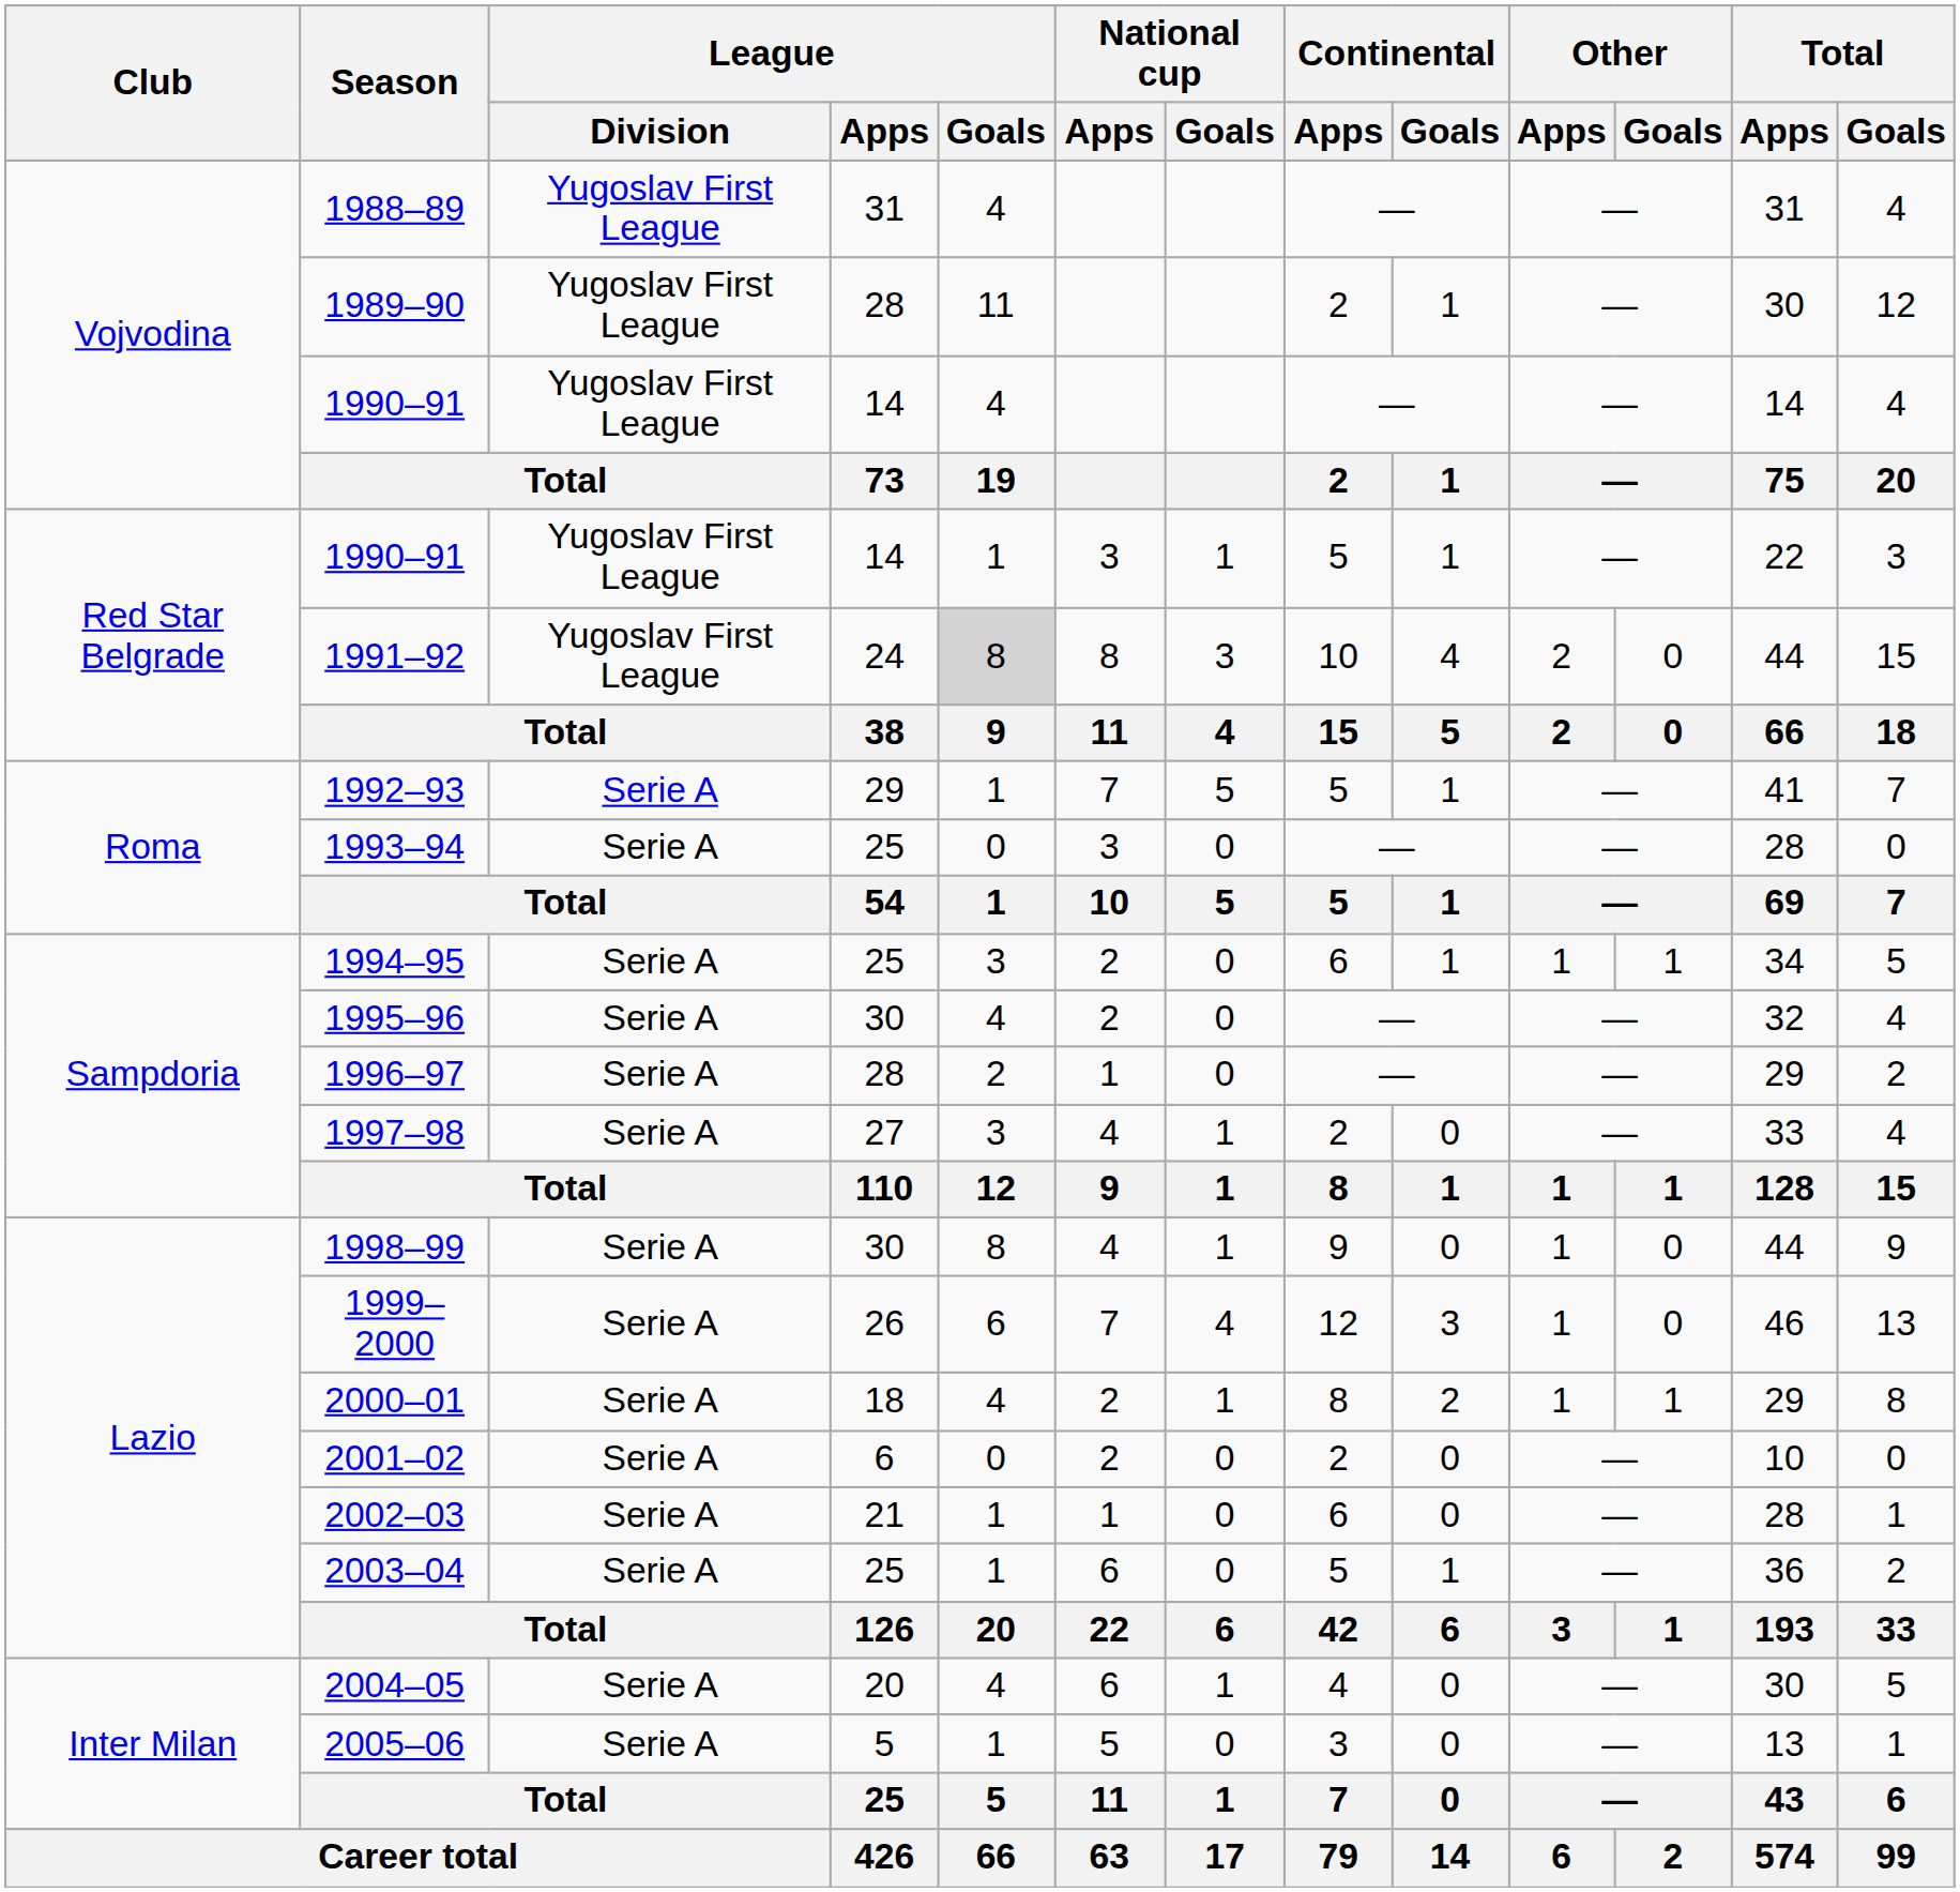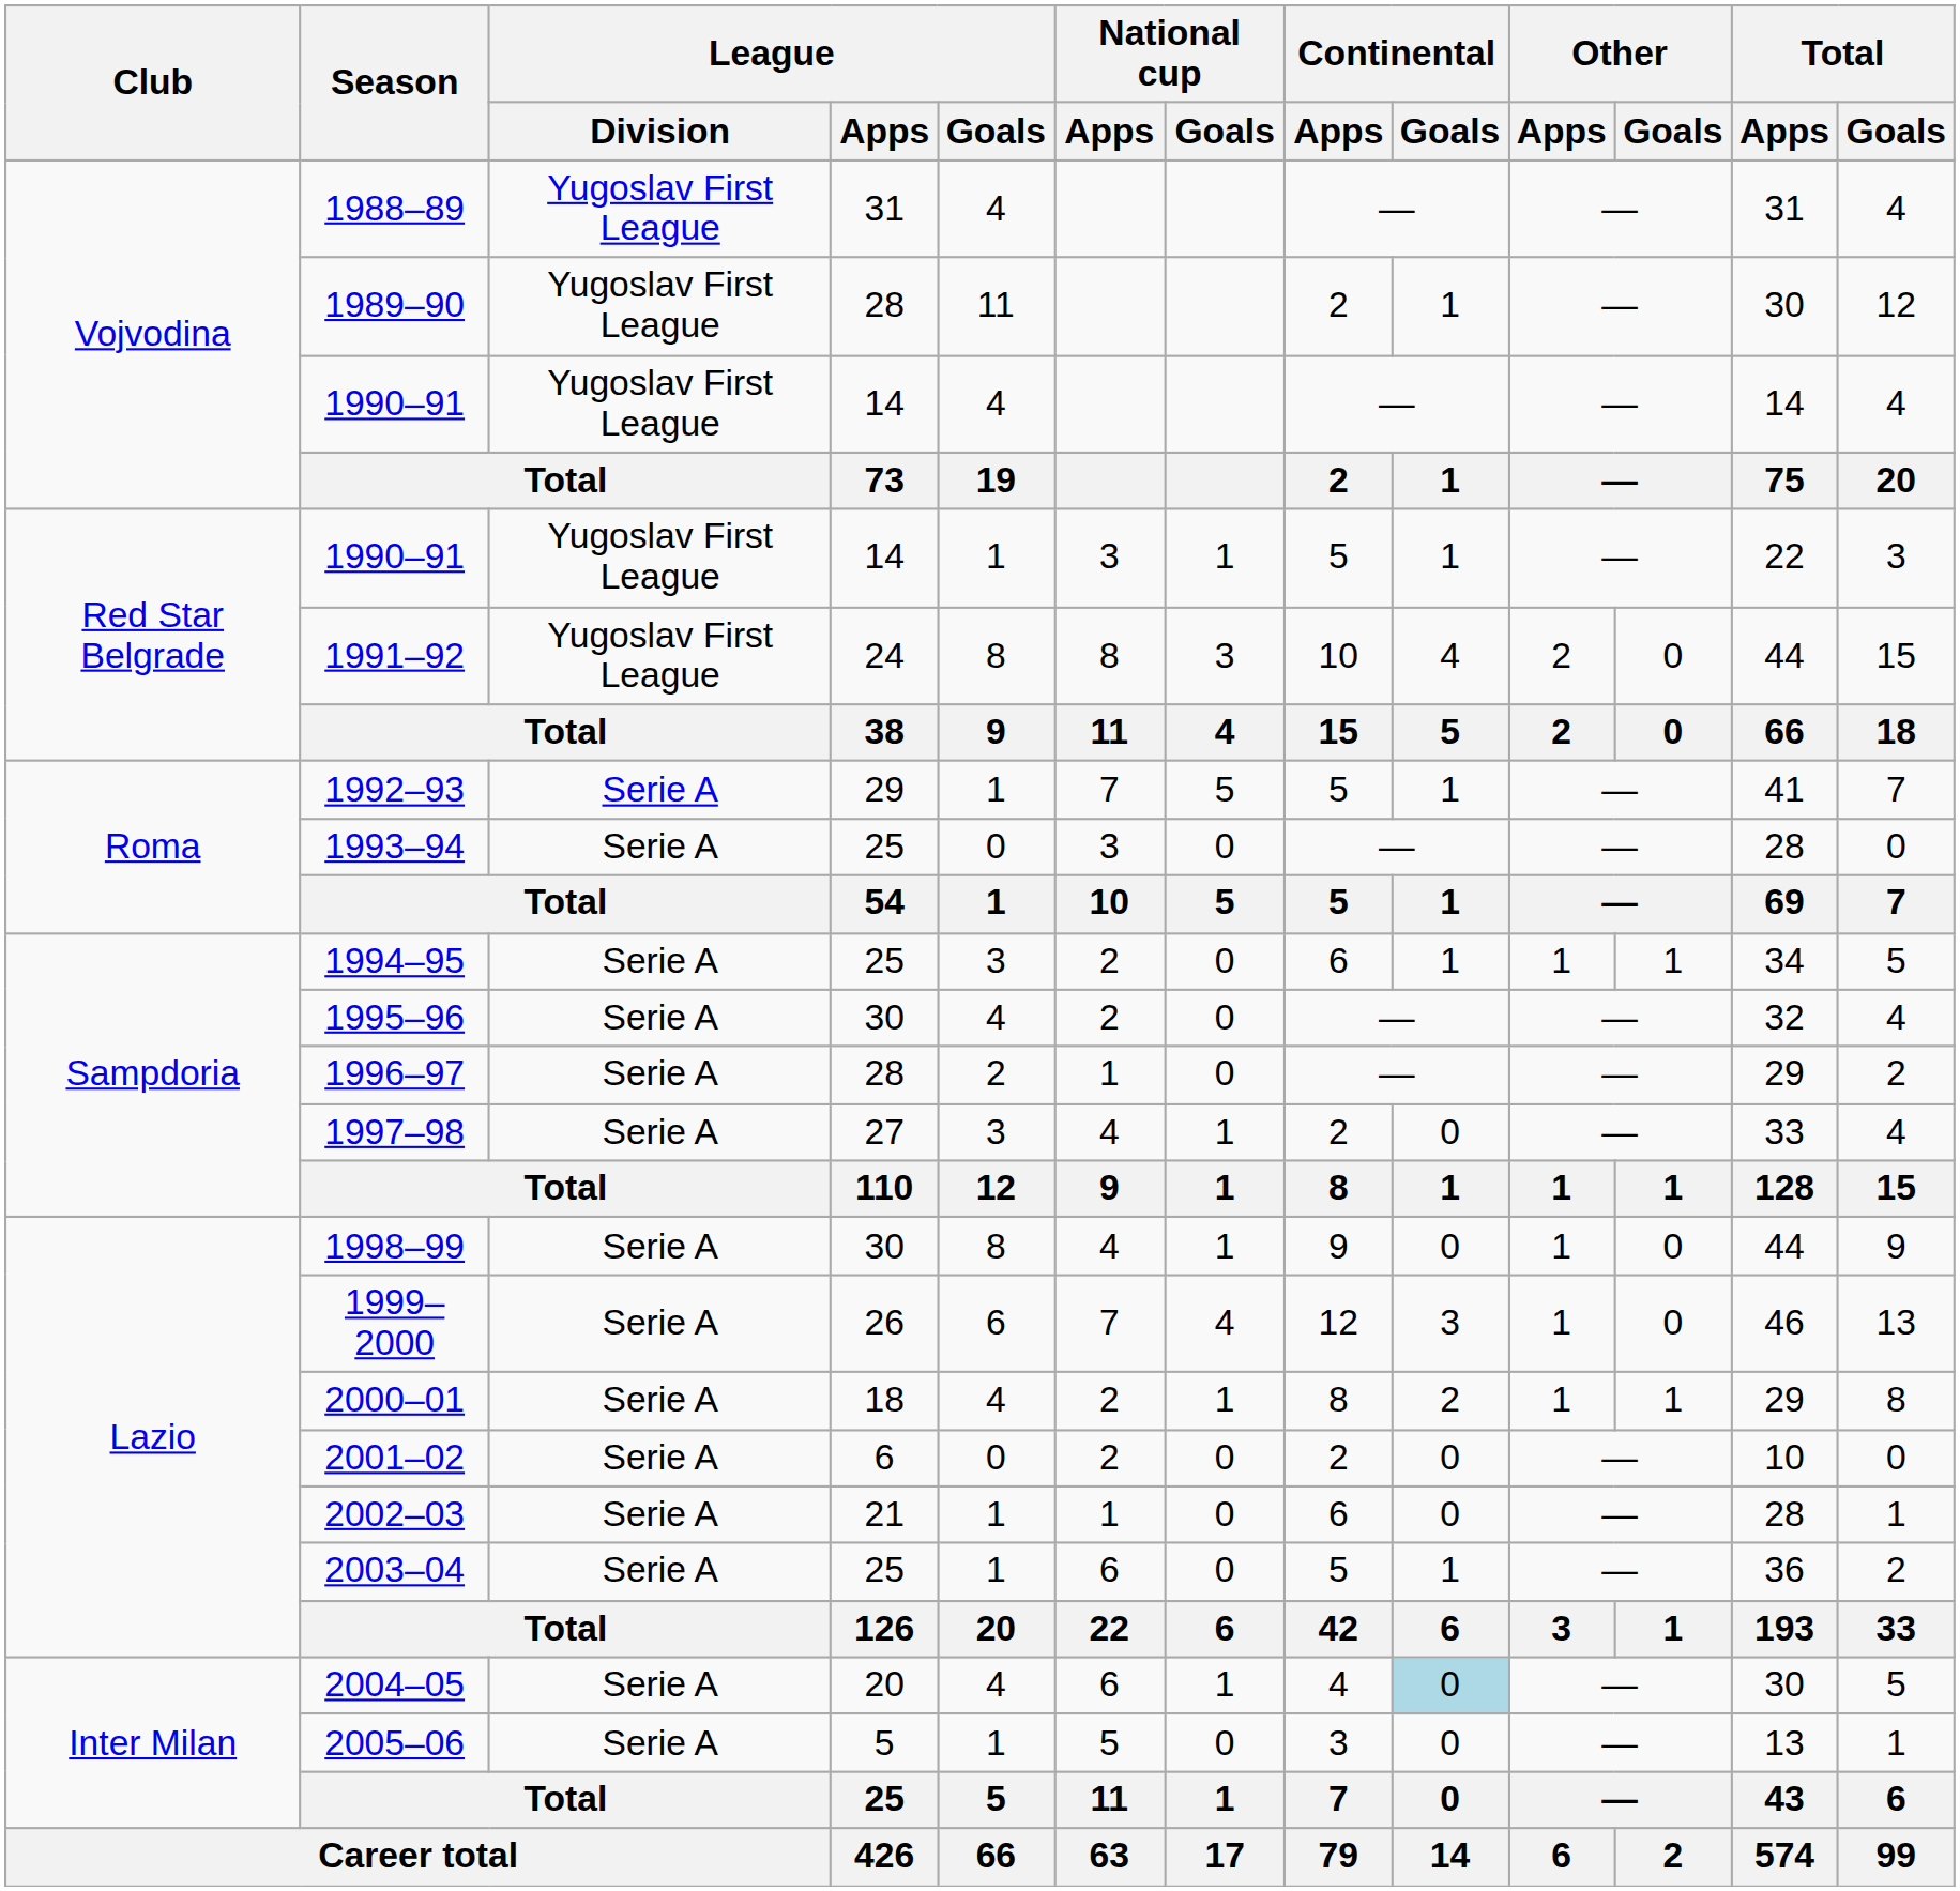 <table class="wikitable" style="text-align:center">
 <tr>
 <th rowspan="2">Club</th>
 <th rowspan="2">Season</th>
 <th colspan="3">League</th>
 <th colspan="2">National cup</th>
 <th colspan="2">Continental</th>
 <th colspan="2">Other</th>
 <th colspan="2">Total</th>
 </tr>
 <tr>
 <th>Division</th>
 <th>Apps</th>
 <th>Goals</th>
 <th>Apps</th>
 <th>Goals</th>
 <th>Apps</th>
 <th>Goals</th>
 <th>Apps</th>
 <th>Goals</th>
 <th>Apps</th>
 <th>Goals</th>
 </tr>
 <tr>
 <td rowspan="4"><a href='#'>Vojvodina</a></td>
 <td><a href='#'>1988–89</a></td>
 <td><a href='#'>Yugoslav First League</a></td>
 <td>31</td>
 <td>4</td>
 <td></td>
 <td></td>
 <td colspan="2">—</td>
 <td colspan="2">—</td>
 <td>31</td>
 <td>4</td>
 </tr>
 <tr>
 <td><a href='#'>1989–90</a></td>
 <td>Yugoslav First League</td>
 <td>28</td>
 <td>11</td>
 <td></td>
 <td></td>
 <td>2</td>
 <td>1</td>
 <td colspan="2">—</td>
 <td>30</td>
 <td>12</td>
 </tr>
 <tr>
 <td><a href='#'>1990–91</a></td>
 <td>Yugoslav First League</td>
 <td>14</td>
 <td>4</td>
 <td></td>
 <td></td>
 <td colspan="2">—</td>
 <td colspan="2">—</td>
 <td>14</td>
 <td>4</td>
 </tr>
 <tr>
 <th colspan="2">Total</th>
 <th>73</th>
 <th>19</th>
 <th></th>
 <th></th>
 <th>2</th>
 <th>1</th>
 <th colspan="2">—</th>
 <th>75</th>
 <th>20</th>
 </tr>
 <tr>
 <td rowspan="3"><a href='#'>Red Star Belgrade</a></td>
 <td><a href='#'>1990–91</a></td>
 <td>Yugoslav First League</td>
 <td>14</td>
 <td>1</td>
 <td>3</td>
 <td>1</td>
 <td>5</td>
 <td>1</td>
 <td colspan="2">—</td>
 <td>22</td>
 <td>3</td>
 </tr>
 <tr>
 <td><a href='#'>1991–92</a></td>
 <td>Yugoslav First League</td>
 <td>24</td>
-<td style="background: lightgrey;">8</td>
+<td>8</td>
 <td>8</td>
 <td>3</td>
 <td>10</td>
 <td>4</td>
 <td>2</td>
 <td>0</td>
 <td>44</td>
 <td>15</td>
 </tr>
 <tr>
 <th colspan="2">Total</th>
 <th>38</th>
 <th>9</th>
 <th>11</th>
 <th>4</th>
 <th>15</th>
 <th>5</th>
 <th>2</th>
 <th>0</th>
 <th>66</th>
 <th>18</th>
 </tr>
 <tr>
 <td rowspan="3"><a href='#'>Roma</a></td>
 <td><a href='#'>1992–93</a></td>
 <td><a href='#'>Serie A</a></td>
 <td>29</td>
 <td>1</td>
 <td>7</td>
 <td>5</td>
 <td>5</td>
 <td>1</td>
 <td colspan="2">—</td>
 <td>41</td>
 <td>7</td>
 </tr>
 <tr>
 <td><a href='#'>1993–94</a></td>
 <td>Serie A</td>
 <td>25</td>
 <td>0</td>
 <td>3</td>
 <td>0</td>
 <td colspan="2">—</td>
 <td colspan="2">—</td>
 <td>28</td>
 <td>0</td>
 </tr>
 <tr>
 <th colspan="2">Total</th>
 <th>54</th>
 <th>1</th>
 <th>10</th>
 <th>5</th>
 <th>5</th>
 <th>1</th>
 <th colspan="2">—</th>
 <th>69</th>
 <th>7</th>
 </tr>
 <tr>
 <td rowspan="5"><a href='#'>Sampdoria</a></td>
 <td><a href='#'>1994–95</a></td>
 <td>Serie A</td>
 <td>25</td>
 <td>3</td>
 <td>2</td>
 <td>0</td>
 <td>6</td>
 <td>1</td>
 <td>1</td>
 <td>1</td>
 <td>34</td>
 <td>5</td>
 </tr>
 <tr>
 <td><a href='#'>1995–96</a></td>
 <td>Serie A</td>
 <td>30</td>
 <td>4</td>
 <td>2</td>
 <td>0</td>
 <td colspan="2">—</td>
 <td colspan="2">—</td>
 <td>32</td>
 <td>4</td>
 </tr>
 <tr>
 <td><a href='#'>1996–97</a></td>
 <td>Serie A</td>
 <td>28</td>
 <td>2</td>
 <td>1</td>
 <td>0</td>
 <td colspan="2">—</td>
 <td colspan="2">—</td>
 <td>29</td>
 <td>2</td>
 </tr>
 <tr>
 <td><a href='#'>1997–98</a></td>
 <td>Serie A</td>
 <td>27</td>
 <td>3</td>
 <td>4</td>
 <td>1</td>
 <td>2</td>
 <td>0</td>
 <td colspan="2">—</td>
 <td>33</td>
 <td>4</td>
 </tr>
 <tr>
 <th colspan="2">Total</th>
 <th>110</th>
 <th>12</th>
 <th>9</th>
 <th>1</th>
 <th>8</th>
 <th>1</th>
 <th>1</th>
 <th>1</th>
 <th>128</th>
 <th>15</th>
 </tr>
 <tr>
 <td rowspan="7"><a href='#'>Lazio</a></td>
 <td><a href='#'>1998–99</a></td>
 <td>Serie A</td>
 <td>30</td>
 <td>8</td>
 <td>4</td>
 <td>1</td>
 <td>9</td>
 <td>0</td>
 <td>1</td>
 <td>0</td>
 <td>44</td>
 <td>9</td>
 </tr>
 <tr>
 <td><a href='#'>1999–2000</a></td>
 <td>Serie A</td>
 <td>26</td>
 <td>6</td>
 <td>7</td>
 <td>4</td>
 <td>12</td>
 <td>3</td>
 <td>1</td>
 <td>0</td>
 <td>46</td>
 <td>13</td>
 </tr>
 <tr>
 <td><a href='#'>2000–01</a></td>
 <td>Serie A</td>
 <td>18</td>
 <td>4</td>
 <td>2</td>
 <td>1</td>
 <td>8</td>
 <td>2</td>
 <td>1</td>
 <td>1</td>
 <td>29</td>
 <td>8</td>
 </tr>
 <tr>
 <td><a href='#'>2001–02</a></td>
 <td>Serie A</td>
 <td>6</td>
 <td>0</td>
 <td>2</td>
 <td>0</td>
 <td>2</td>
 <td>0</td>
 <td colspan="2">—</td>
 <td>10</td>
 <td>0</td>
 </tr>
 <tr>
 <td><a href='#'>2002–03</a></td>
 <td>Serie A</td>
 <td>21</td>
 <td>1</td>
 <td>1</td>
 <td>0</td>
 <td>6</td>
 <td>0</td>
 <td colspan="2">—</td>
 <td>28</td>
 <td>1</td>
 </tr>
 <tr>
 <td><a href='#'>2003–04</a></td>
 <td>Serie A</td>
 <td>25</td>
 <td>1</td>
 <td>6</td>
 <td>0</td>
 <td>5</td>
 <td>1</td>
 <td colspan="2">—</td>
 <td>36</td>
 <td>2</td>
 </tr>
 <tr>
 <th colspan="2">Total</th>
 <th>126</th>
 <th>20</th>
 <th>22</th>
 <th>6</th>
 <th>42</th>
 <th>6</th>
 <th>3</th>
 <th>1</th>
 <th>193</th>
 <th>33</th>
 </tr>
 <tr>
 <td rowspan="3"><a href='#'>Inter Milan</a></td>
 <td><a href='#'>2004–05</a></td>
 <td>Serie A</td>
 <td>20</td>
 <td>4</td>
 <td>6</td>
 <td>1</td>
 <td>4</td>
-<td>0</td>
+<td style="background: lightblue;">0</td>
 <td colspan="2">—</td>
 <td>30</td>
 <td>5</td>
 </tr>
 <tr>
 <td><a href='#'>2005–06</a></td>
 <td>Serie A</td>
 <td>5</td>
 <td>1</td>
 <td>5</td>
 <td>0</td>
 <td>3</td>
 <td>0</td>
 <td colspan="2">—</td>
 <td>13</td>
 <td>1</td>
 </tr>
 <tr>
 <th colspan="2">Total</th>
 <th>25</th>
 <th>5</th>
 <th>11</th>
 <th>1</th>
 <th>7</th>
 <th>0</th>
 <th colspan="2">—</th>
 <th>43</th>
 <th>6</th>
 </tr>
 <tr>
 <th colspan="3">Career total</th>
 <th>426</th>
 <th>66</th>
 <th>63</th>
 <th>17</th>
 <th>79</th>
 <th>14</th>
 <th>6</th>
 <th>2</th>
 <th>574</th>
 <th>99</th>
 </tr>
 </table>
